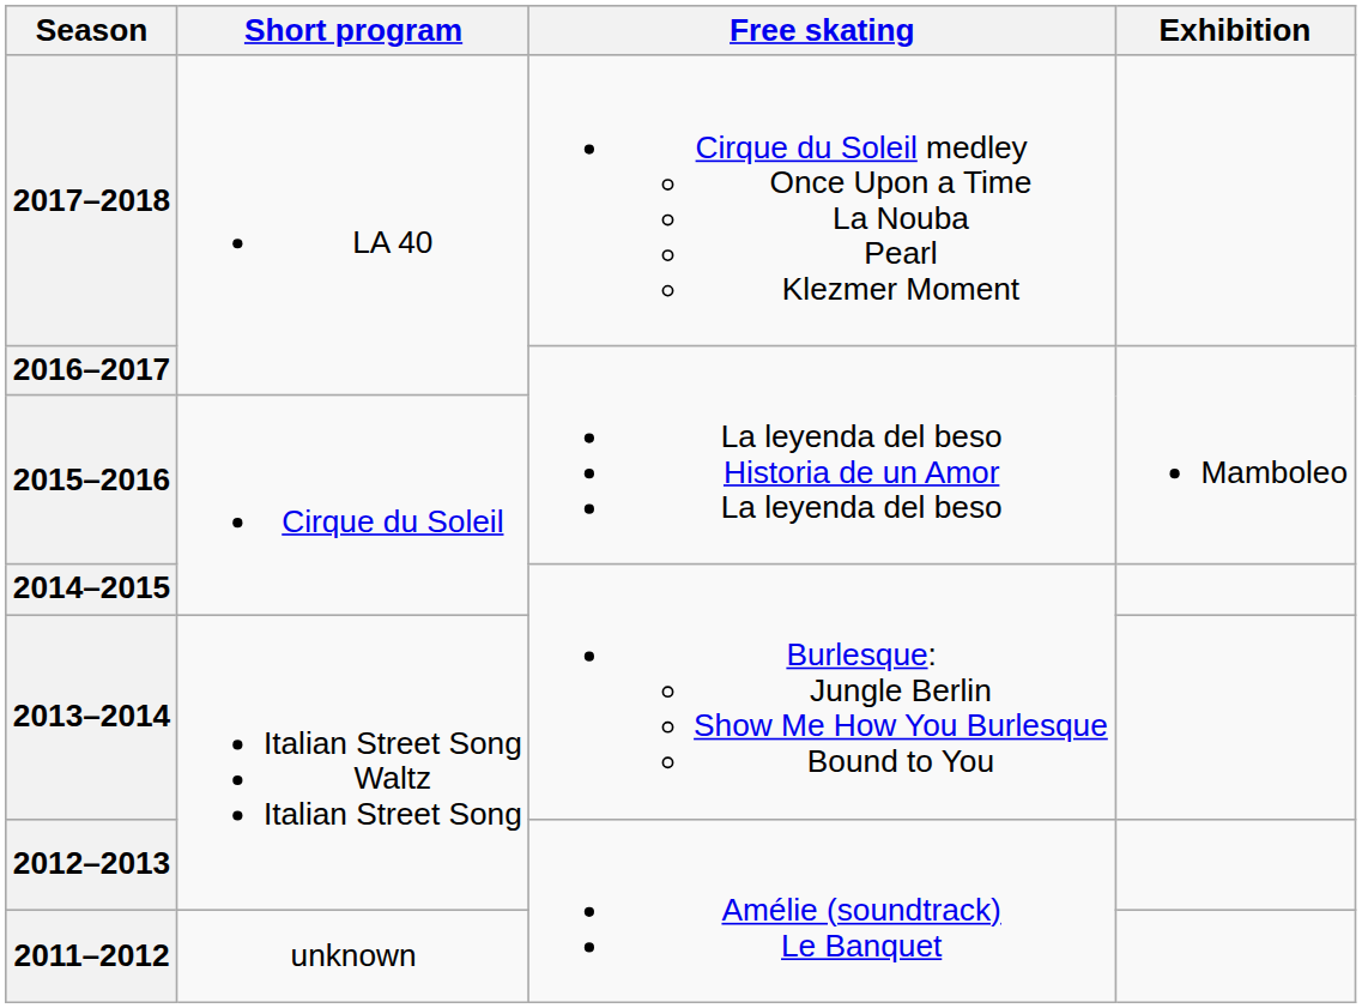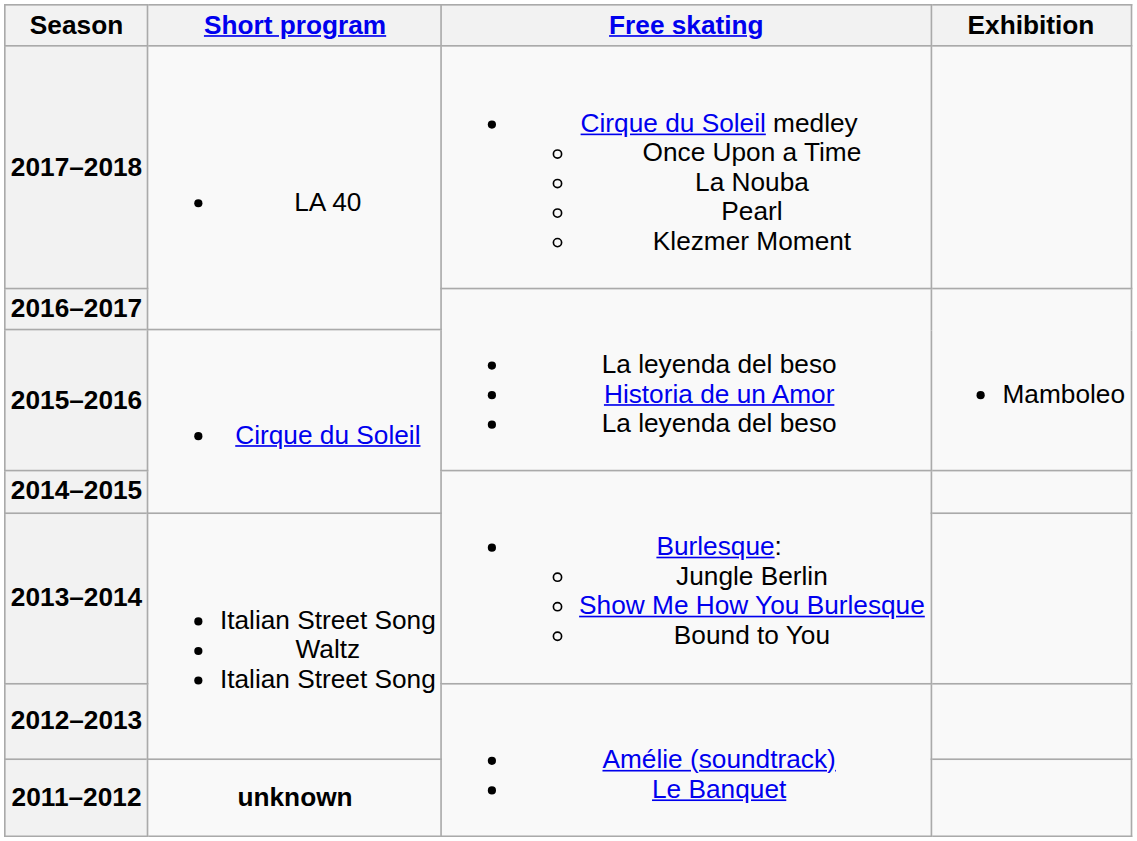 <table class=wikitable style=text-align:center>
 <tr>
 <th>Season</th>
 <th><a href='#'>Short program</a></th>
 <th><a href='#'>Free skating</a></th>
 <th>Exhibition</th>
 </tr>
 <tr>
 <th>2017–2018 <br> </th>
 <td rowspan=2><br><ul><li>LA 40 <br></li></ul></td>
 <td><br><ul><li><a href='#'>Cirque du Soleil</a> medley<ul><li>Once Upon a Time </li><li>La Nouba </li><li>Pearl </li><li>Klezmer Moment </li></ul></li></ul></td>
 <td></td>
 </tr>
 <tr>
 <th>2016–2017 <br> </th>
 <td rowspan=2><br><ul><li>La leyenda del beso <br></li><li><a href='#'>Historia de un Amor</a> <br></li><li>La leyenda del beso <br></li></ul></td>
 <td rowspan=2><br><ul><li>Mamboleo <br></li></ul></td>
 </tr>
 <tr>
 <th>2015–2016 <br> </th>
 <td rowspan=2><br><ul><li><a href='#'>Cirque du Soleil</a> <br></li></ul></td>
 </tr>
 <tr>
 <th>2014–2015 <br> </th>
 <td rowspan=2><br><ul><li><a href='#'>Burlesque</a>:<ul><li>Jungle Berlin <br></li><li><a href='#'>Show Me How You Burlesque</a></li><li>Bound to You</li></ul></li></ul></td>
 <td></td>
 </tr>
 <tr>
 <th>2013–2014 <br> </th>
 <td rowspan=2><br><ul><li>Italian Street Song <br></li><li>Waltz</li><li>Italian Street Song <br></li></ul></td>
 <td></td>
 </tr>
 <tr>
 <th>2012–2013</th>
 <td rowspan=2><br><ul><li><a href='#'>Amélie (soundtrack)</a></li><li><a href='#'>Le Banquet</a> <br></li></ul></td>
 <td></td>
 </tr>
 <tr>
 <th>2011–2012</th>
-<td align="center">unknown</td>
+<td align="center"><strong>unknown</strong></td>
 <td></td>
 </tr>
 </table>
